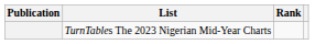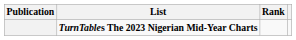 <table class="wikitable sortable plainrowheaders" style="border:none; margin:0;">
 <tr>
 <th scope="col">Publication</th>
 <th scope="col" class="unsortable">List</th>
 <th scope="col" data-sort-type="number">Rank</th>
 <th scope="col" class="unsortable"></th>
 </tr>
 <tr>
 <th scope="row" rowspan="2"><em></em></th>
-<td><em>TurnTable</em>s The 2023 Nigerian Mid-Year Charts</td>
+<td><strong><em>TurnTable</em>s The 2023 Nigerian Mid-Year Charts</strong></td>
 <td></td>
 <td></td>
 </tr>
 </table>
